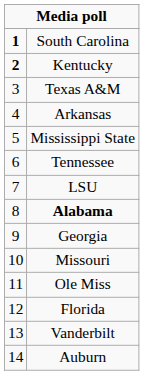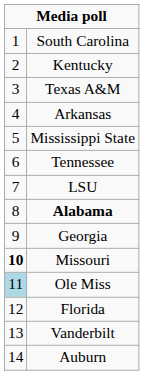 <table class="wikitable">
 <tr align="center">
 <td align="center" Colspan="2"><strong>Media poll</strong></td>
 </tr>
 <tr align="center">
 </tr>
 <tr align="center">
-<td><strong>1</strong></td>
+<td>1</td>
 <td>South Carolina</td>
 </tr>
 <tr align="center">
-<td><strong>2</strong></td>
+<td>2</td>
 <td>Kentucky</td>
 </tr>
 <tr align="center">
 <td>3</td>
 <td>Texas A&M</td>
 </tr>
 <tr align="center">
 <td>4</td>
 <td>Arkansas</td>
 </tr>
 <tr align="center">
 <td>5</td>
 <td>Mississippi State</td>
 </tr>
 <tr align="center">
 <td>6</td>
 <td>Tennessee</td>
 </tr>
 <tr align="center">
 <td>7</td>
 <td>LSU</td>
 </tr>
 <tr align="center">
 <td>8</td>
 <td><strong>Alabama</strong></td>
 </tr>
 <tr align="center">
 <td>9</td>
 <td>Georgia</td>
 </tr>
 <tr align="center">
-<td>10</td>
+<td><strong>10</strong></td>
 <td>Missouri</td>
 </tr>
 <tr align="center">
-<td>11</td>
+<td style="background: lightblue;">11</td>
 <td>Ole Miss</td>
 </tr>
 <tr align="center">
 <td>12</td>
 <td>Florida</td>
 </tr>
 <tr align="center">
 <td>13</td>
 <td>Vanderbilt</td>
 </tr>
 <tr align="center">
 <td>14</td>
 <td>Auburn</td>
 </tr>
 </table>
